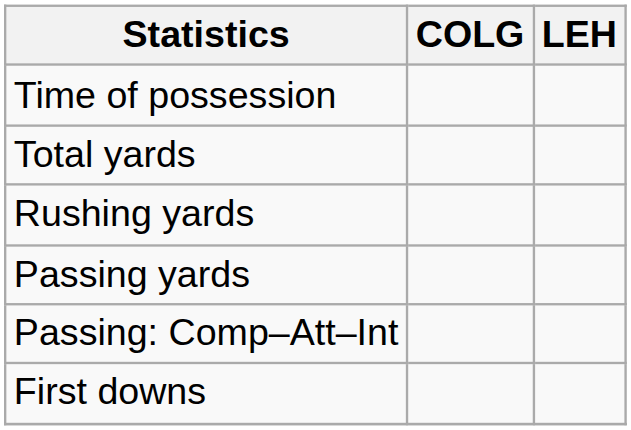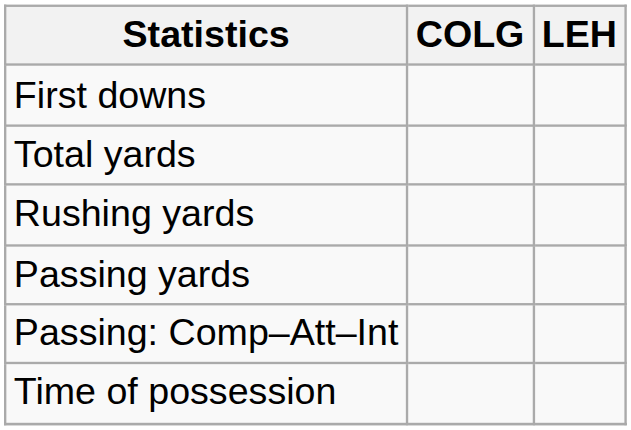 <table class="wikitable" style="float: left;">
 <tr>
 <th>Statistics</th>
 <th>COLG</th>
 <th>LEH</th>
 </tr>
 <tr>
-<td>Time of possession</td>
+<td>First downs</td>
 <td></td>
 <td></td>
 </tr>
 <tr>
 <td>Total yards</td>
 <td></td>
 <td></td>
 </tr>
 <tr>
 <td>Rushing yards</td>
 <td></td>
 <td></td>
 </tr>
 <tr>
 <td>Passing yards</td>
 <td></td>
 <td></td>
 </tr>
 <tr>
 <td>Passing: Comp–Att–Int</td>
 <td></td>
 <td></td>
 </tr>
 <tr>
-<td>First downs</td>
+<td>Time of possession</td>
 <td></td>
 <td></td>
 </tr>
 <tr>
 </tr>
 </table>
